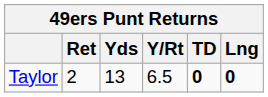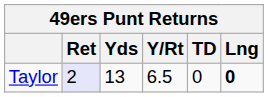 <table class="wikitable">
 <tr>
 <th colspan="6">49ers Punt Returns</th>
 </tr>
 <tr>
 <th></th>
 <th>Ret</th>
 <th>Yds</th>
 <th>Y/Rt</th>
 <th>TD</th>
 <th>Lng</th>
 </tr>
 <tr>
 <td><a href='#'>Taylor</a></td>
-<td>2</td>
+<td style="background: lavender;">2</td>
 <td>13</td>
 <td>6.5</td>
-<td><strong>0</strong></td>
+<td>0</td>
 <td><strong>0</strong></td>
 </tr>
 </table>
